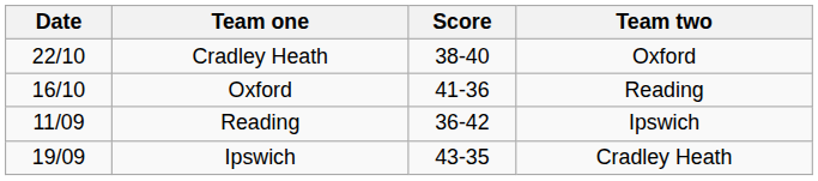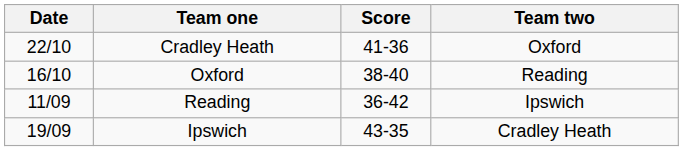 <table class="wikitable" style="text-align: center">
 <tr>
 <th width=80>Date</th>
 <th width=250>Team one</th>
 <th width=80>Score</th>
 <th width=250>Team two</th>
 </tr>
 <tr>
 <td>22/10</td>
 <td>Cradley Heath</td>
-<td>38-40</td>
+<td>41-36</td>
 <td>Oxford</td>
 </tr>
 <tr>
 <td>16/10</td>
 <td>Oxford</td>
-<td>41-36</td>
+<td>38-40</td>
 <td>Reading</td>
 </tr>
 <tr>
 <td>11/09</td>
 <td>Reading</td>
 <td>36-42</td>
 <td>Ipswich</td>
 </tr>
 <tr>
 <td>19/09</td>
 <td>Ipswich</td>
 <td>43-35</td>
 <td>Cradley Heath</td>
 </tr>
 </table>
